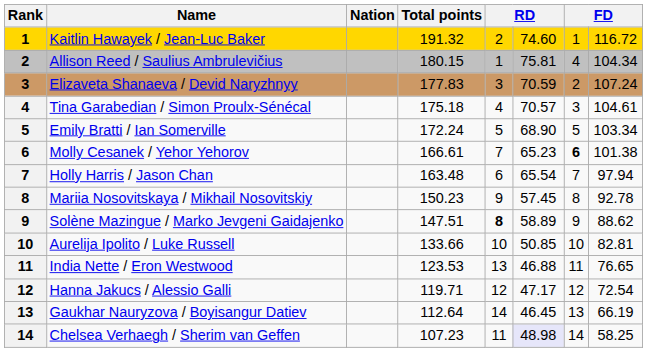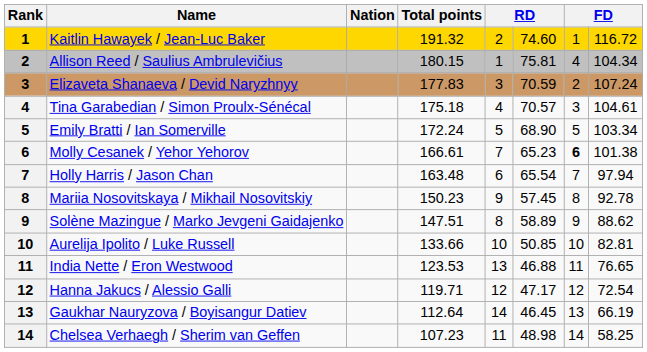 <table class="wikitable sortable">
 <tr>
 <th>Rank</th>
 <th>Name</th>
 <th>Nation</th>
 <th>Total points</th>
 <th colspan="2" width="80px"><a href='#'>RD</a></th>
 <th colspan="2" width="80px"><a href='#'>FD</a></th>
 </tr>
 <tr bgcolor="gold">
 <td align="center"><strong>1</strong></td>
 <td><a href='#'>Kaitlin Hawayek</a> / <a href='#'>Jean-Luc Baker</a></td>
 <td></td>
 <td align="center">191.32</td>
 <td align="center">2</td>
 <td align="center">74.60</td>
 <td align="center">1</td>
 <td align="center">116.72</td>
 </tr>
 <tr bgcolor="silver">
 <td align="center"><strong>2</strong></td>
 <td><a href='#'>Allison Reed</a> / <a href='#'>Saulius Ambrulevičius</a></td>
 <td></td>
 <td align="center">180.15</td>
 <td align="center">1</td>
 <td align="center">75.81</td>
 <td align="center">4</td>
 <td align="center">104.34</td>
 </tr>
 <tr bgcolor="cc9966">
 <td align="center"><strong>3</strong></td>
 <td><a href='#'>Elizaveta Shanaeva</a> / <a href='#'>Devid Naryzhnyy</a></td>
 <td></td>
 <td align="center">177.83</td>
 <td align="center">3</td>
 <td align="center">70.59</td>
 <td align="center">2</td>
 <td align="center">107.24</td>
 </tr>
 <tr>
 <th>4</th>
 <td><a href='#'>Tina Garabedian</a> / <a href='#'>Simon Proulx-Sénécal</a></td>
 <td></td>
 <td align="center">175.18</td>
 <td align="center">4</td>
 <td align="center">70.57</td>
 <td align="center">3</td>
 <td align="center">104.61</td>
 </tr>
 <tr>
 <th>5</th>
 <td><a href='#'>Emily Bratti</a> / <a href='#'>Ian Somerville</a></td>
 <td></td>
 <td align="center">172.24</td>
 <td align="center">5</td>
 <td align="center">68.90</td>
 <td align="center">5</td>
 <td align="center">103.34</td>
 </tr>
 <tr>
 <th>6</th>
 <td><a href='#'>Molly Cesanek</a> / <a href='#'>Yehor Yehorov</a></td>
 <td></td>
 <td align="center">166.61</td>
 <td align="center">7</td>
 <td align="center">65.23</td>
 <td align="center"><strong>6</strong></td>
 <td align="center">101.38</td>
 </tr>
 <tr>
 <th>7</th>
 <td><a href='#'>Holly Harris</a> / <a href='#'>Jason Chan</a></td>
 <td></td>
 <td align="center">163.48</td>
 <td align="center">6</td>
 <td align="center">65.54</td>
 <td align="center">7</td>
 <td align="center">97.94</td>
 </tr>
 <tr>
 <th>8</th>
 <td><a href='#'>Mariia Nosovitskaya</a> / <a href='#'>Mikhail Nosovitskiy</a></td>
 <td></td>
 <td align="center">150.23</td>
 <td align="center">9</td>
 <td align="center">57.45</td>
 <td align="center">8</td>
 <td align="center">92.78</td>
 </tr>
 <tr>
 <th>9</th>
 <td><a href='#'>Solène Mazingue</a> / <a href='#'>Marko Jevgeni Gaidajenko</a></td>
 <td></td>
 <td align="center">147.51</td>
-<td align="center"><strong>8</strong></td>
+<td align="center">8</td>
 <td align="center">58.89</td>
 <td align="center">9</td>
 <td align="center">88.62</td>
 </tr>
 <tr>
 <th>10</th>
 <td><a href='#'>Aurelija Ipolito</a> / <a href='#'>Luke Russell</a></td>
 <td></td>
 <td align="center">133.66</td>
 <td align="center">10</td>
 <td align="center">50.85</td>
 <td align="center">10</td>
 <td align="center">82.81</td>
 </tr>
 <tr>
 <th>11</th>
 <td><a href='#'>India Nette</a> / <a href='#'>Eron Westwood</a></td>
 <td></td>
 <td align="center">123.53</td>
 <td align="center">13</td>
 <td align="center">46.88</td>
 <td align="center">11</td>
 <td align="center">76.65</td>
 </tr>
 <tr>
 <th>12</th>
 <td><a href='#'>Hanna Jakucs</a> / <a href='#'>Alessio Galli</a></td>
 <td></td>
 <td align="center">119.71</td>
 <td align="center">12</td>
 <td align="center">47.17</td>
 <td align="center">12</td>
 <td align="center">72.54</td>
 </tr>
 <tr>
 <th>13</th>
 <td><a href='#'>Gaukhar Nauryzova</a> / <a href='#'>Boyisangur Datiev</a></td>
 <td></td>
 <td align="center">112.64</td>
 <td align="center">14</td>
 <td align="center">46.45</td>
 <td align="center">13</td>
 <td align="center">66.19</td>
 </tr>
 <tr>
 <th>14</th>
 <td><a href='#'>Chelsea Verhaegh</a> / <a href='#'>Sherim van Geffen</a></td>
 <td></td>
 <td align="center">107.23</td>
 <td align="center">11</td>
-<td align="center" style="background: lavender;">48.98</td>
+<td align="center">48.98</td>
 <td align="center">14</td>
 <td align="center">58.25</td>
 </tr>
 </table>
